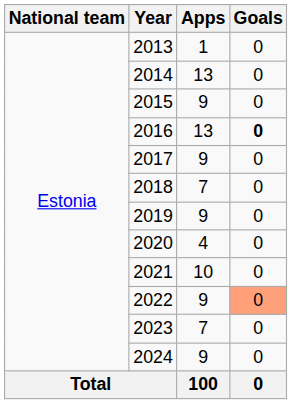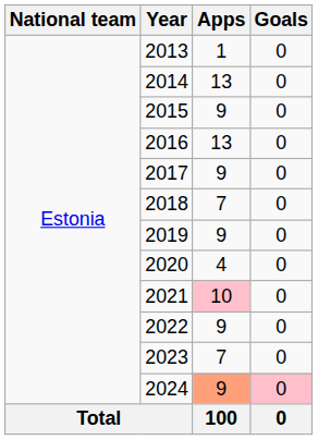 <table class="wikitable" style="text-align:center">
 <tr>
 <th>National team</th>
 <th>Year</th>
 <th>Apps</th>
 <th>Goals</th>
 </tr>
 <tr>
 <td rowspan="12"><a href='#'>Estonia</a></td>
 <td>2013</td>
 <td>1</td>
 <td>0</td>
 </tr>
 <tr>
 <td>2014</td>
 <td>13</td>
 <td>0</td>
 </tr>
 <tr>
 <td>2015</td>
 <td>9</td>
 <td>0</td>
 </tr>
 <tr>
 <td>2016</td>
 <td>13</td>
-<td><strong>0</strong></td>
+<td>0</td>
 </tr>
 <tr>
 <td>2017</td>
 <td>9</td>
 <td>0</td>
 </tr>
 <tr>
 <td>2018</td>
 <td>7</td>
 <td>0</td>
 </tr>
 <tr>
 <td>2019</td>
 <td>9</td>
 <td>0</td>
 </tr>
 <tr>
 <td>2020</td>
 <td>4</td>
 <td>0</td>
 </tr>
 <tr>
 <td>2021</td>
-<td>10</td>
+<td style="background: pink;">10</td>
 <td>0</td>
 </tr>
 <tr>
 <td>2022</td>
 <td>9</td>
-<td style="background: lightsalmon;">0</td>
+<td>0</td>
 </tr>
 <tr>
 <td>2023</td>
 <td>7</td>
 <td>0</td>
 </tr>
 <tr>
 <td>2024</td>
-<td>9</td>
-<td>0</td>
+<td style="background: lightsalmon;">9</td>
+<td style="background: pink;">0</td>
 </tr>
 <tr>
 <th colspan="2">Total</th>
 <th>100</th>
 <th>0</th>
 </tr>
 </table>
